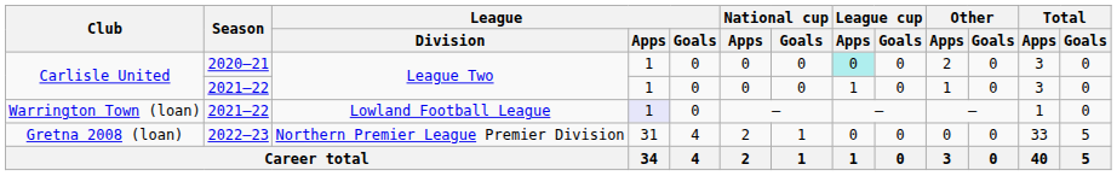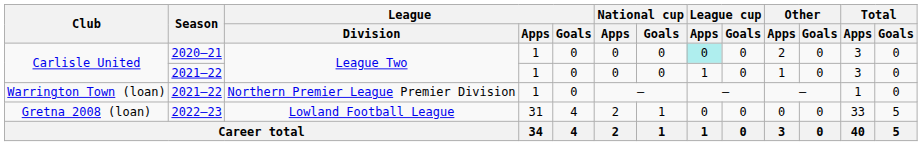 <table class="wikitable" style="text-align:center">
 <tr>
 <th rowspan="2">Club</th>
 <th rowspan="2">Season</th>
 <th colspan="3">League</th>
 <th colspan="2">National cup</th>
 <th colspan="2">League cup</th>
 <th colspan="2">Other</th>
 <th colspan="2">Total</th>
 </tr>
 <tr>
 <th>Division</th>
 <th>Apps</th>
 <th>Goals</th>
 <th>Apps</th>
 <th>Goals</th>
 <th>Apps</th>
 <th>Goals</th>
 <th>Apps</th>
 <th>Goals</th>
 <th>Apps</th>
 <th>Goals</th>
 </tr>
 <tr>
 <td rowspan="2"><a href='#'>Carlisle United</a></td>
 <td><a href='#'>2020–21</a></td>
 <td rowspan="2"><a href='#'>League Two</a></td>
 <td>1</td>
 <td>0</td>
 <td>0</td>
 <td>0</td>
 <td style="background: paleturquoise;">0</td>
 <td>0</td>
 <td>2</td>
 <td>0</td>
 <td>3</td>
 <td>0</td>
 </tr>
 <tr>
 <td><a href='#'>2021–22</a></td>
 <td>1</td>
 <td>0</td>
 <td>0</td>
 <td>0</td>
 <td>1</td>
 <td>0</td>
 <td>1</td>
 <td>0</td>
 <td>3</td>
 <td>0</td>
 </tr>
 <tr>
 <td><a href='#'>Warrington Town</a> (loan)</td>
 <td><a href='#'>2021–22</a></td>
-<td><a href='#'>Lowland Football League</a></td>
-<td style="background: lavender;">1</td>
+<td><a href='#'>Northern Premier League</a> Premier Division</td>
+<td>1</td>
 <td>0</td>
 <td colspan="2">—</td>
 <td colspan="2">—</td>
 <td colspan="2">—</td>
 <td>1</td>
 <td>0</td>
 </tr>
 <tr>
 <td><a href='#'>Gretna 2008</a> (loan)</td>
 <td><a href='#'>2022–23</a></td>
-<td><a href='#'>Northern Premier League</a> Premier Division</td>
+<td><a href='#'>Lowland Football League</a></td>
 <td>31</td>
 <td>4</td>
 <td>2</td>
 <td>1</td>
 <td>0</td>
 <td>0</td>
 <td>0</td>
 <td>0</td>
 <td>33</td>
 <td>5</td>
 </tr>
 <tr>
 <th colspan="3">Career total</th>
 <th>34</th>
 <th>4</th>
 <th>2</th>
 <th>1</th>
 <th>1</th>
 <th>0</th>
 <th>3</th>
 <th>0</th>
 <th>40</th>
 <th>5</th>
 </tr>
 </table>
